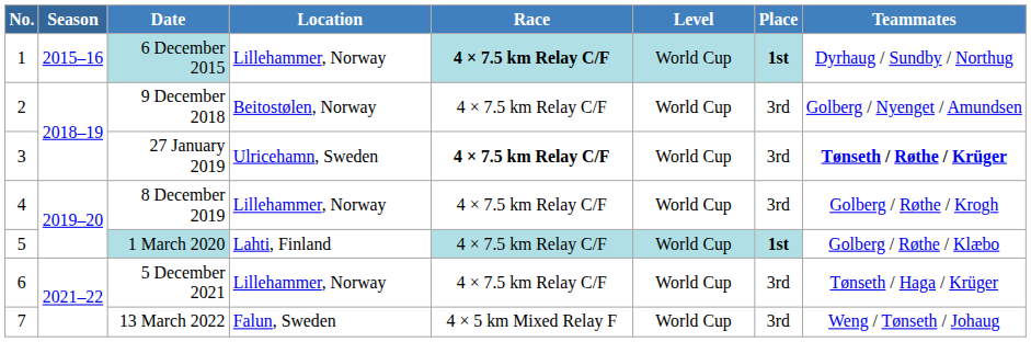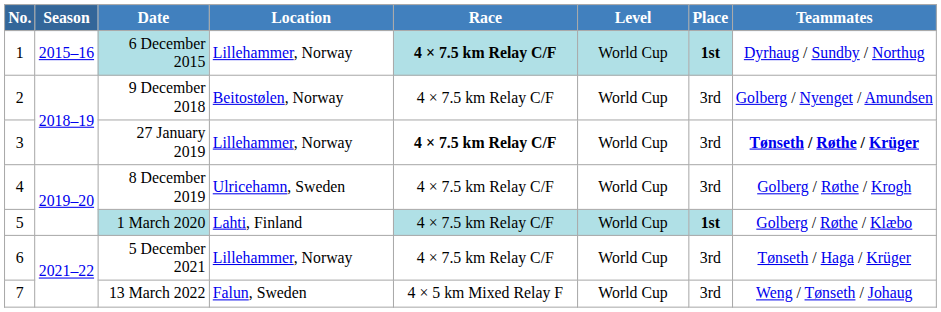 <table class="wikitable sortable" style="font-size:95%; text-align:center; border:grey solid 1px; border-collapse:collapse; background:#ffffff;">
 <tr style="background:#efefef;">
 <th style="background-color:#369; color:white;">No.</th>
 <th style="background-color:#369; color:white;">Season</th>
 <th style="background-color:#4180be; color:white; width:100px;">Date</th>
 <th style="background-color:#4180be; color:white; width:170px;">Location</th>
 <th style="background-color:#4180be; color:white; width:170px;">Race</th>
 <th style="background-color:#4180be; color:white; width:100px;">Level</th>
 <th style="background-color:#4180be; color:white;">Place</th>
 <th style="background-color:#4180be; color:white;">Teammates</th>
 </tr>
 <tr>
 <td align=center>1</td>
 <td rowspan=1 align=center><a href='#'>2015–16</a></td>
 <td bgcolor="#BOEOE6" align=right>6 December 2015</td>
 <td align=left> <a href='#'>Lillehammer</a>, Norway</td>
 <td bgcolor="#BOEOE6"><strong>4 × 7.5 km Relay C/F</strong></td>
 <td bgcolor="#BOEOE6">World Cup</td>
 <td bgcolor="#BOEOE6"><strong>1st</strong></td>
 <td><a href='#'>Dyrhaug</a> / <a href='#'>Sundby</a> / <a href='#'>Northug</a></td>
 </tr>
 <tr>
 <td align=center>2</td>
 <td rowspan=2 align=center><a href='#'>2018–19</a></td>
 <td align=right>9 December 2018</td>
 <td align=left> <a href='#'>Beitostølen</a>, Norway</td>
 <td>4 × 7.5 km Relay C/F</td>
 <td>World Cup</td>
 <td>3rd</td>
 <td><a href='#'>Golberg</a> / <a href='#'>Nyenget</a> / <a href='#'>Amundsen</a></td>
 </tr>
 <tr>
 <td align=center>3</td>
 <td align=right>27 January 2019</td>
-<td align=left> <a href='#'>Ulricehamn</a>, Sweden</td>
+<td align=left> <a href='#'>Lillehammer</a>, Norway</td>
 <td><strong>4 × 7.5 km Relay C/F</strong></td>
 <td>World Cup</td>
 <td>3rd</td>
 <td><strong><a href='#'>Tønseth</a> / <a href='#'>Røthe</a> / <a href='#'>Krüger</a></strong></td>
 </tr>
 <tr>
 <td align=center>4</td>
 <td rowspan=2 align=center><a href='#'>2019–20</a></td>
 <td align=right>8 December 2019</td>
-<td align=left> <a href='#'>Lillehammer</a>, Norway</td>
+<td align=left> <a href='#'>Ulricehamn</a>, Sweden</td>
 <td>4 × 7.5 km Relay C/F</td>
 <td>World Cup</td>
 <td>3rd</td>
 <td><a href='#'>Golberg</a> / <a href='#'>Røthe</a> / <a href='#'>Krogh</a></td>
 </tr>
 <tr>
 <td align=center>5</td>
 <td bgcolor="#BOEOE6" align=right>1 March 2020</td>
 <td align=left> <a href='#'>Lahti</a>, Finland</td>
 <td bgcolor="#BOEOE6">4 × 7.5 km Relay C/F</td>
 <td bgcolor="#BOEOE6">World Cup</td>
 <td bgcolor="#BOEOE6"><strong>1st</strong></td>
 <td><a href='#'>Golberg</a> / <a href='#'>Røthe</a> / <a href='#'>Klæbo</a></td>
 </tr>
 <tr>
 <td align=center>6</td>
 <td rowspan=2 align=center><a href='#'>2021–22</a></td>
 <td align=right>5 December 2021</td>
 <td align=left> <a href='#'>Lillehammer</a>, Norway</td>
 <td>4 × 7.5 km Relay C/F</td>
 <td>World Cup</td>
 <td>3rd</td>
 <td><a href='#'>Tønseth</a> / <a href='#'>Haga</a> / <a href='#'>Krüger</a></td>
 </tr>
 <tr>
 <td align=center>7</td>
 <td align=right>13 March 2022</td>
 <td align=left> <a href='#'>Falun</a>, Sweden</td>
 <td>4 × 5 km Mixed Relay F</td>
 <td>World Cup</td>
 <td>3rd</td>
 <td><a href='#'>Weng</a> / <a href='#'>Tønseth</a> / <a href='#'>Johaug</a></td>
 </tr>
 </table>
